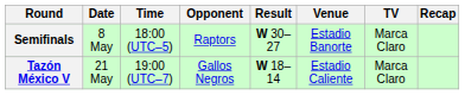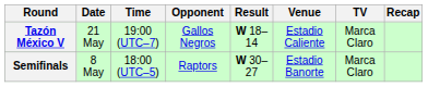 <table class="wikitable" style="text-align:center">
 <tr>
 <th>Round</th>
 <th>Date</th>
 <th>Time</th>
 <th>Opponent</th>
 <th>Result</th>
 <th>Venue</th>
 <th>TV</th>
 <th>Recap</th>
 </tr>
 <tr style="background:#cfc">
+<th><a href='#'>Tazón México V</a></th>
+<td>21 May</td>
+<td>19:00 (<a href='#'>UTC–7</a>)</td>
+<td><a href='#'>Gallos Negros</a></td>
+<td><strong>W</strong> 18–14</td>
+<td><a href='#'>Estadio Caliente</a></td>
+<td>Marca Claro</td>
+<td></td>
+</tr>
+<tr style="background:#cfc">
 <th>Semifinals</th>
 <td>8 May</td>
 <td>18:00 (<a href='#'>UTC–5</a>)</td>
 <td><a href='#'>Raptors</a></td>
 <td><strong>W</strong> 30–27</td>
 <td><a href='#'>Estadio Banorte</a></td>
 <td>Marca Claro</td>
 <td></td>
 </tr>
-<tr style="background:#cfc">
-<th><a href='#'>Tazón México V</a></th>
-<td>21 May</td>
-<td>19:00 (<a href='#'>UTC–7</a>)</td>
-<td><a href='#'>Gallos Negros</a></td>
-<td><strong>W</strong> 18–14</td>
-<td><a href='#'>Estadio Caliente</a></td>
-<td>Marca Claro</td>
-<td></td>
-</tr>
 </table>
